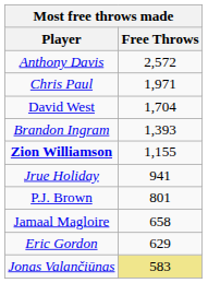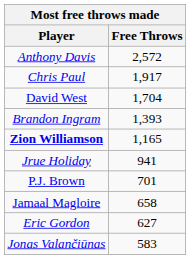 <table class="wikitable sortable" style="text-align:center">
 <tr>
 <th colspan="5">Most free throws made</th>
 </tr>
 <tr>
 <th>Player</th>
 <th>Free Throws</th>
 </tr>
 <tr>
 <td><em><a href='#'>Anthony Davis</a></em></td>
 <td>2,572</td>
 </tr>
 <tr>
 <td><em><a href='#'>Chris Paul</a></em></td>
-<td>1,971</td>
+<td>1,917</td>
 </tr>
 <tr>
 <td><a href='#'>David West</a></td>
 <td>1,704</td>
 </tr>
 <tr>
 <td><em><a href='#'>Brandon Ingram</a></em></td>
 <td>1,393</td>
 </tr>
 <tr>
 <td><strong><a href='#'>Zion Williamson</a></strong></td>
-<td>1,155</td>
+<td>1,165</td>
 </tr>
 <tr>
 <td><em><a href='#'>Jrue Holiday</a></em></td>
 <td>941</td>
 </tr>
 <tr>
 <td><a href='#'>P.J. Brown</a></td>
-<td>801</td>
+<td>701</td>
 </tr>
 <tr>
 <td><a href='#'>Jamaal Magloire</a></td>
 <td>658</td>
 </tr>
 <tr>
 <td><em><a href='#'>Eric Gordon</a></em></td>
-<td>629</td>
+<td>627</td>
 </tr>
 <tr>
 <td><em><a href='#'>Jonas Valančiūnas</a></em></td>
-<td style="background: khaki;">583</td>
+<td>583</td>
 </tr>
 </table>
